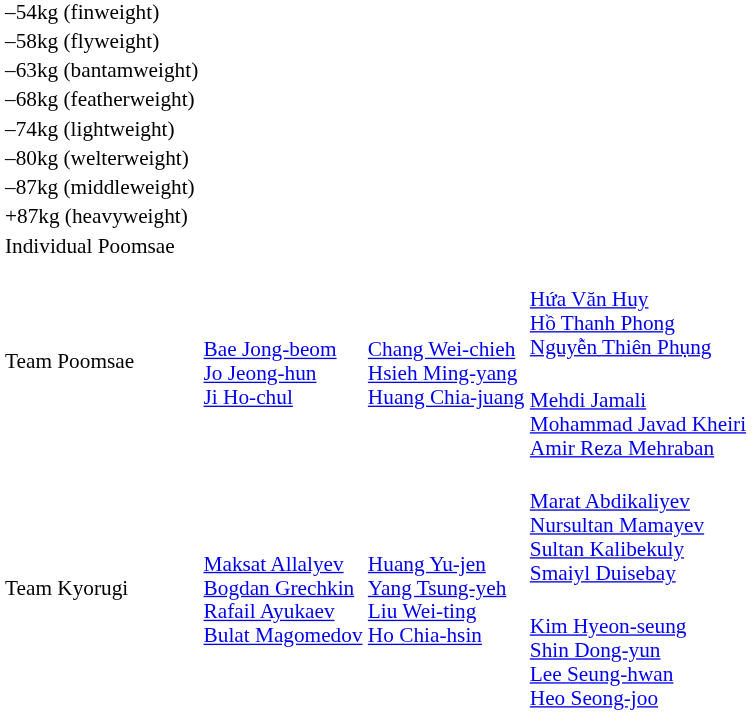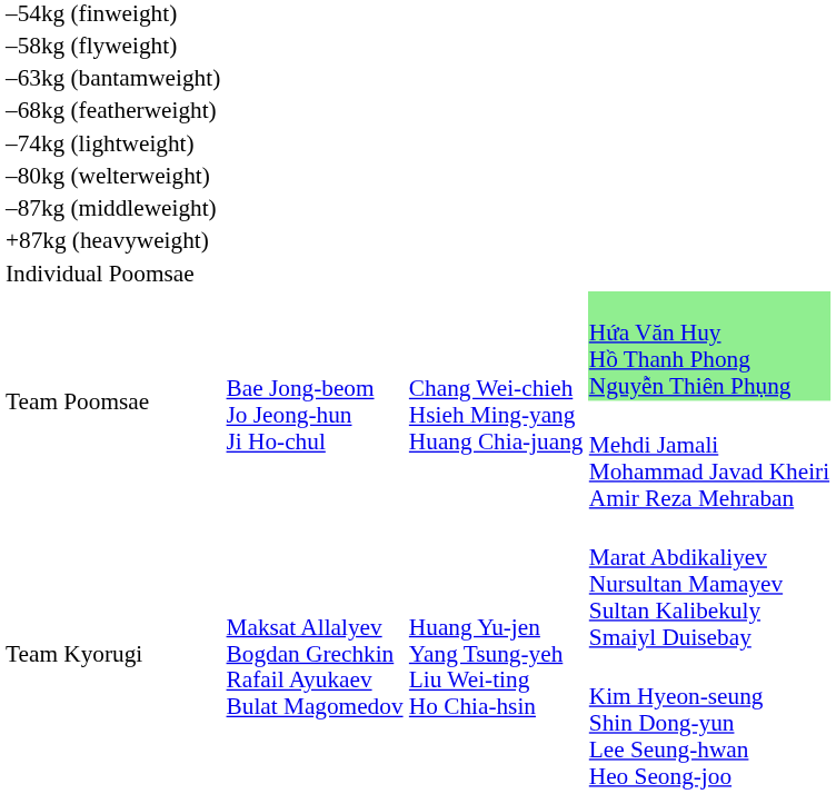 <table>
 <tr>
 <td rowspan=2>–54kg (finweight)<br></td>
 <td rowspan=2></td>
 <td rowspan=2></td>
 <td></td>
 </tr>
 <tr>
 <td></td>
 </tr>
 <tr>
 <td rowspan=2>–58kg (flyweight)<br></td>
 <td rowspan=2></td>
 <td rowspan=2></td>
 <td></td>
 </tr>
 <tr>
 <td></td>
 </tr>
 <tr>
 <td rowspan=2>–63kg (bantamweight)<br></td>
 <td rowspan=2></td>
 <td rowspan=2></td>
 <td></td>
 </tr>
 <tr>
 <td></td>
 </tr>
 <tr>
 <td rowspan=2>–68kg (featherweight)<br></td>
 <td rowspan=2></td>
 <td rowspan=2></td>
 <td></td>
 </tr>
 <tr>
 <td></td>
 </tr>
 <tr>
 <td rowspan=2>–74kg (lightweight)<br></td>
 <td rowspan=2></td>
 <td rowspan=2></td>
 <td></td>
 </tr>
 <tr>
 <td></td>
 </tr>
 <tr>
 <td rowspan=2>–80kg (welterweight)<br></td>
 <td rowspan=2></td>
 <td rowspan=2></td>
 <td></td>
 </tr>
 <tr>
 <td></td>
 </tr>
 <tr>
 <td rowspan=2>–87kg (middleweight)<br></td>
 <td rowspan=2></td>
 <td rowspan=2></td>
 <td></td>
 </tr>
 <tr>
 <td></td>
 </tr>
 <tr>
 <td rowspan=2>+87kg (heavyweight)<br></td>
 <td rowspan=2></td>
 <td rowspan=2></td>
 <td></td>
 </tr>
 <tr>
 <td></td>
 </tr>
 <tr>
 <td rowspan=2>Individual Poomsae<br></td>
 <td rowspan=2></td>
 <td rowspan=2></td>
 <td></td>
 </tr>
 <tr>
 <td></td>
 </tr>
 <tr>
 <td rowspan=2>Team Poomsae<br></td>
 <td rowspan=2><br><a href='#'>Bae Jong-beom</a><br><a href='#'>Jo Jeong-hun</a><br><a href='#'>Ji Ho-chul</a></td>
 <td rowspan=2><br><a href='#'>Chang Wei-chieh</a><br><a href='#'>Hsieh Ming-yang</a><br><a href='#'>Huang Chia-juang</a></td>
-<td><br><a href='#'>Hứa Văn Huy</a><br><a href='#'>Hồ Thanh Phong</a><br><a href='#'>Nguyễn Thiên Phụng</a></td>
+<td style="background: lightgreen;"><br><a href='#'>Hứa Văn Huy</a><br><a href='#'>Hồ Thanh Phong</a><br><a href='#'>Nguyễn Thiên Phụng</a></td>
 </tr>
 <tr>
 <td><br><a href='#'>Mehdi Jamali</a><br><a href='#'>Mohammad Javad Kheiri</a><br><a href='#'>Amir Reza Mehraban</a></td>
 </tr>
 <tr>
 <td rowspan=2>Team Kyorugi<br></td>
 <td rowspan=2><br><a href='#'>Maksat Allalyev</a><br><a href='#'>Bogdan Grechkin</a><br><a href='#'>Rafail Ayukaev</a><br><a href='#'>Bulat Magomedov</a></td>
 <td rowspan=2><br><a href='#'>Huang Yu-jen</a><br><a href='#'>Yang Tsung-yeh</a><br><a href='#'>Liu Wei-ting</a><br><a href='#'>Ho Chia-hsin</a></td>
 <td><br><a href='#'>Marat Abdikaliyev</a><br><a href='#'>Nursultan Mamayev</a><br><a href='#'>Sultan Kalibekuly</a><br><a href='#'>Smaiyl Duisebay</a></td>
 </tr>
 <tr>
 <td><br><a href='#'>Kim Hyeon-seung</a><br><a href='#'>Shin Dong-yun</a><br><a href='#'>Lee Seung-hwan</a><br><a href='#'>Heo Seong-joo</a></td>
 </tr>
 </table>
